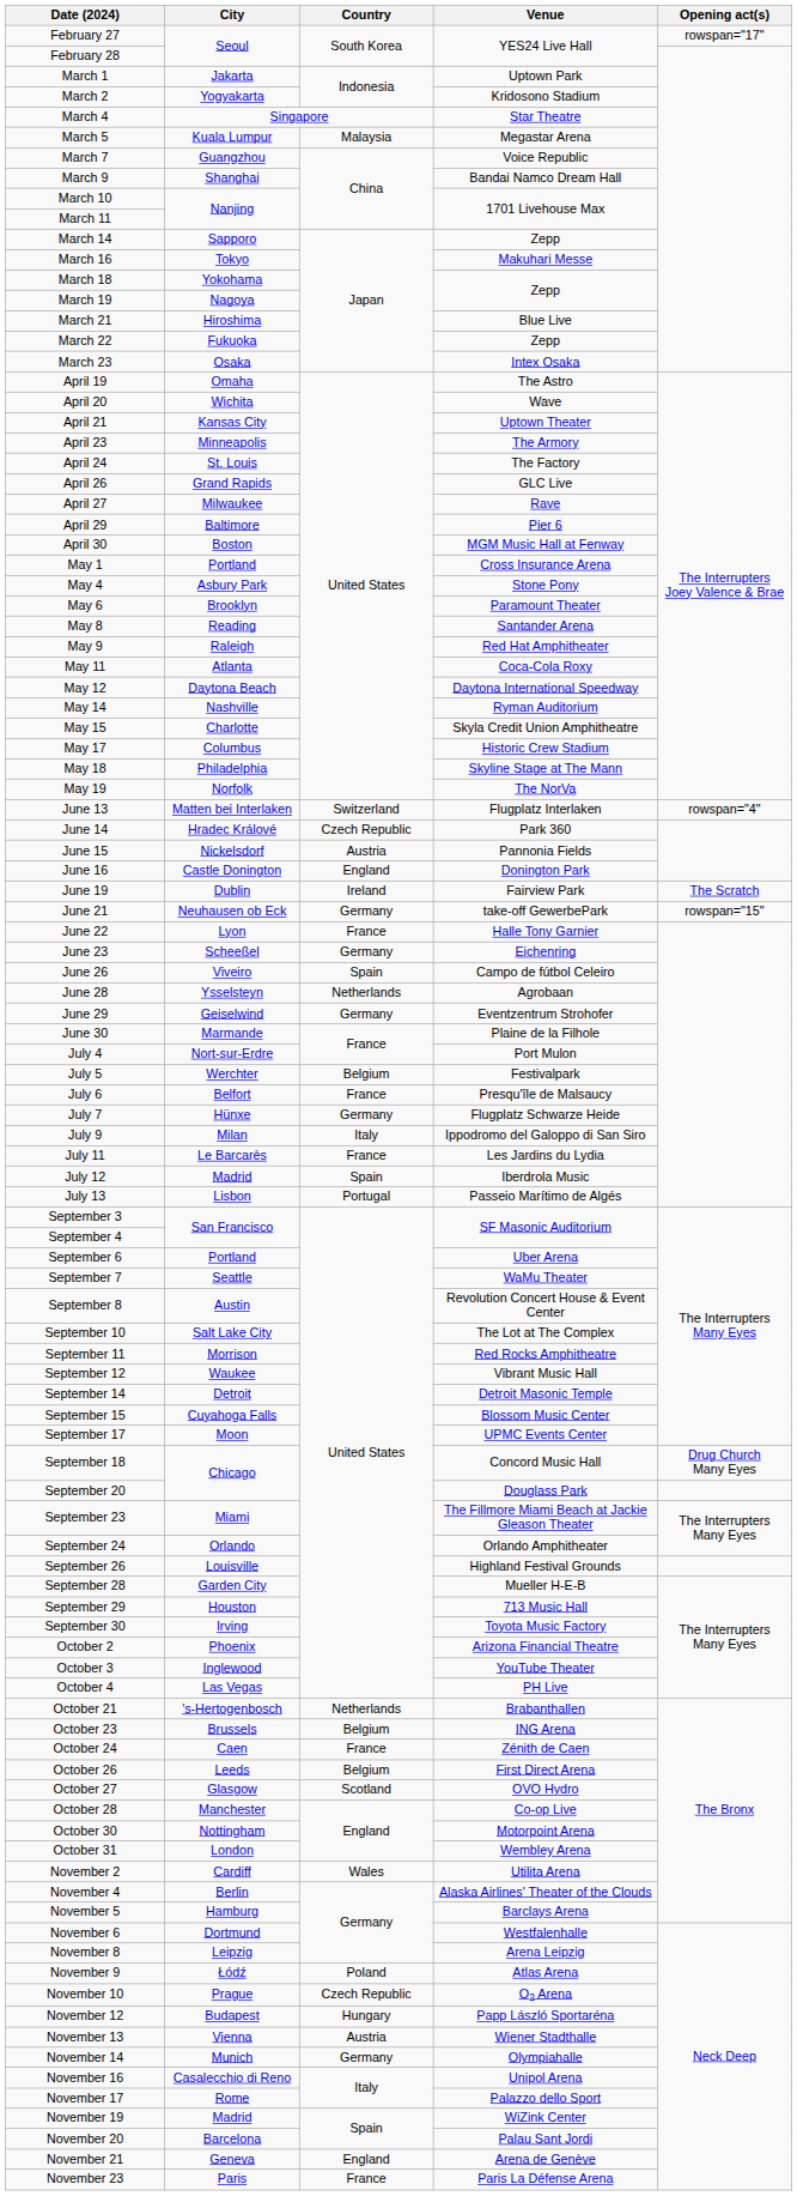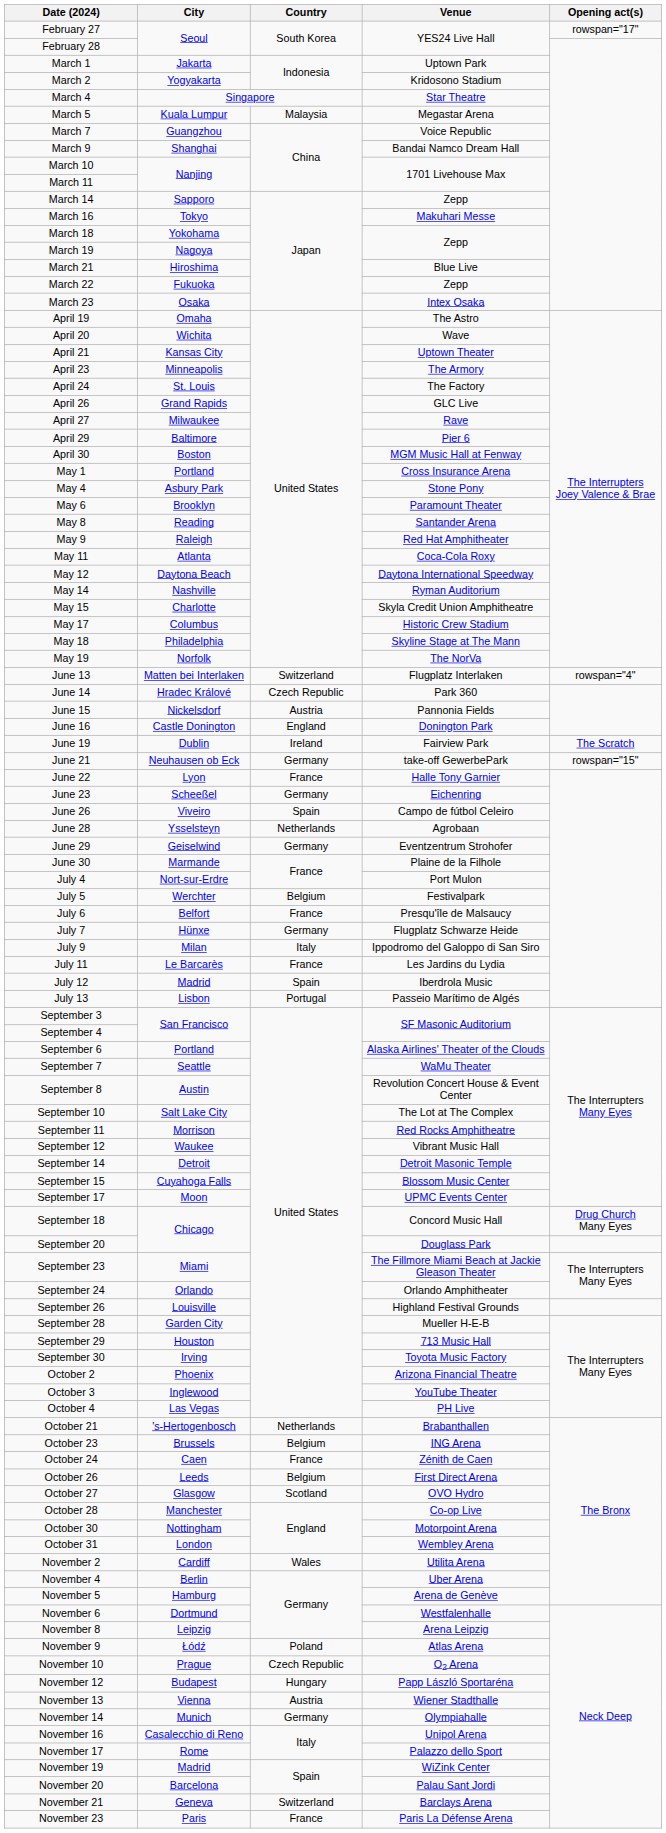 <table class="wikitable plainrowheaders" style="text-align:center;">
 <tr>
 <th scope="col" style="width:12em;">Date (2024)</th>
 <th scope="col" style="width:10em;">City</th>
 <th scope="col" style="width:10em;">Country</th>
 <th scope="col" style="width:17em;">Venue</th>
 <th scope="col" style="width:10em;">Opening act(s)</th>
 </tr>
 <tr>
 <td>February 27</td>
 <td rowspan="2"><a href='#'>Seoul</a></td>
 <td rowspan="2">South Korea</td>
 <td rowspan="2">YES24 Live Hall</td>
 <td>rowspan="17" </td>
 </tr>
 <tr>
 <td>February 28</td>
 </tr>
 <tr>
 <td>March 1</td>
 <td><a href='#'>Jakarta</a></td>
 <td rowspan="2">Indonesia</td>
 <td>Uptown Park</td>
 </tr>
 <tr>
 <td>March 2</td>
 <td><a href='#'>Yogyakarta</a></td>
 <td>Kridosono Stadium</td>
 </tr>
 <tr>
 <td>March 4</td>
 <td colspan="2"><a href='#'>Singapore</a></td>
 <td><a href='#'>Star Theatre</a></td>
 </tr>
 <tr>
 <td>March 5</td>
 <td><a href='#'>Kuala Lumpur</a></td>
 <td>Malaysia</td>
 <td>Megastar Arena</td>
 </tr>
 <tr>
 <td>March 7</td>
 <td><a href='#'>Guangzhou</a></td>
 <td rowspan="4">China</td>
 <td>Voice Republic</td>
 </tr>
 <tr>
 <td>March 9</td>
 <td><a href='#'>Shanghai</a></td>
 <td>Bandai Namco Dream Hall</td>
 </tr>
 <tr>
 <td>March 10</td>
 <td rowspan="2"><a href='#'>Nanjing</a></td>
 <td rowspan="2">1701 Livehouse Max</td>
 </tr>
 <tr>
 <td>March 11</td>
 </tr>
 <tr>
 <td>March 14</td>
 <td><a href='#'>Sapporo</a></td>
 <td rowspan="7">Japan</td>
 <td>Zepp</td>
 </tr>
 <tr>
 <td>March 16</td>
 <td><a href='#'>Tokyo</a></td>
 <td><a href='#'>Makuhari Messe</a></td>
 </tr>
 <tr>
 <td>March 18</td>
 <td><a href='#'>Yokohama</a></td>
 <td rowspan="2">Zepp</td>
 </tr>
 <tr>
 <td>March 19</td>
 <td><a href='#'>Nagoya</a></td>
 </tr>
 <tr>
 <td>March 21</td>
 <td><a href='#'>Hiroshima</a></td>
 <td>Blue Live</td>
 </tr>
 <tr>
 <td>March 22</td>
 <td><a href='#'>Fukuoka</a></td>
 <td>Zepp</td>
 </tr>
 <tr>
 <td>March 23</td>
 <td><a href='#'>Osaka</a></td>
 <td><a href='#'>Intex Osaka</a></td>
 </tr>
 <tr>
 <td>April 19</td>
 <td><a href='#'>Omaha</a></td>
 <td rowspan="21">United States</td>
 <td>The Astro</td>
 <td rowspan="21"><a href='#'>The Interrupters</a><br><a href='#'>Joey Valence & Brae</a></td>
 </tr>
 <tr>
 <td>April 20</td>
 <td><a href='#'>Wichita</a></td>
 <td>Wave</td>
 </tr>
 <tr>
 <td>April 21</td>
 <td><a href='#'>Kansas City</a></td>
 <td><a href='#'>Uptown Theater</a></td>
 </tr>
 <tr>
 <td>April 23</td>
 <td><a href='#'>Minneapolis</a></td>
 <td><a href='#'>The Armory</a></td>
 </tr>
 <tr>
 <td>April 24</td>
 <td><a href='#'>St. Louis</a></td>
 <td>The Factory</td>
 </tr>
 <tr>
 <td>April 26</td>
 <td><a href='#'>Grand Rapids</a></td>
 <td>GLC Live</td>
 </tr>
 <tr>
 <td>April 27</td>
 <td><a href='#'>Milwaukee</a></td>
 <td><a href='#'>Rave</a></td>
 </tr>
 <tr>
 <td>April 29</td>
 <td><a href='#'>Baltimore</a></td>
 <td><a href='#'>Pier 6</a></td>
 </tr>
 <tr>
 <td>April 30</td>
 <td><a href='#'>Boston</a></td>
 <td><a href='#'>MGM Music Hall at Fenway</a></td>
 </tr>
 <tr>
 <td>May 1</td>
 <td><a href='#'>Portland</a></td>
 <td><a href='#'>Cross Insurance Arena</a></td>
 </tr>
 <tr>
 <td>May 4</td>
 <td><a href='#'>Asbury Park</a></td>
 <td><a href='#'>Stone Pony</a></td>
 </tr>
 <tr>
 <td>May 6</td>
 <td><a href='#'>Brooklyn</a></td>
 <td><a href='#'>Paramount Theater</a></td>
 </tr>
 <tr>
 <td>May 8</td>
 <td><a href='#'>Reading</a></td>
 <td><a href='#'>Santander Arena</a></td>
 </tr>
 <tr>
 <td>May 9</td>
 <td><a href='#'>Raleigh</a></td>
 <td><a href='#'>Red Hat Amphitheater</a></td>
 </tr>
 <tr>
 <td>May 11</td>
 <td><a href='#'>Atlanta</a></td>
 <td><a href='#'>Coca-Cola Roxy</a></td>
 </tr>
 <tr>
 <td>May 12</td>
 <td><a href='#'>Daytona Beach</a></td>
 <td><a href='#'>Daytona International Speedway</a></td>
 </tr>
 <tr>
 <td>May 14</td>
 <td><a href='#'>Nashville</a></td>
 <td><a href='#'>Ryman Auditorium</a></td>
 </tr>
 <tr>
 <td>May 15</td>
 <td><a href='#'>Charlotte</a></td>
 <td>Skyla Credit Union Amphitheatre</td>
 </tr>
 <tr>
 <td>May 17</td>
 <td><a href='#'>Columbus</a></td>
 <td><a href='#'>Historic Crew Stadium</a></td>
 </tr>
 <tr>
 <td>May 18</td>
 <td><a href='#'>Philadelphia</a></td>
 <td><a href='#'>Skyline Stage at The Mann</a></td>
 </tr>
 <tr>
 <td>May 19</td>
 <td><a href='#'>Norfolk</a></td>
 <td><a href='#'>The NorVa</a></td>
 </tr>
 <tr>
 <td>June 13</td>
 <td><a href='#'>Matten bei Interlaken</a></td>
 <td>Switzerland</td>
 <td>Flugplatz Interlaken</td>
 <td>rowspan="4" </td>
 </tr>
 <tr>
 <td>June 14</td>
 <td><a href='#'>Hradec Králové</a></td>
 <td>Czech Republic</td>
 <td>Park 360</td>
 </tr>
 <tr>
 <td>June 15</td>
 <td><a href='#'>Nickelsdorf</a></td>
 <td>Austria</td>
 <td>Pannonia Fields</td>
 </tr>
 <tr>
 <td>June 16</td>
 <td><a href='#'>Castle Donington</a></td>
 <td>England</td>
 <td><a href='#'>Donington Park</a></td>
 </tr>
 <tr>
 <td>June 19</td>
 <td><a href='#'>Dublin</a></td>
 <td>Ireland</td>
 <td>Fairview Park</td>
 <td><a href='#'>The Scratch</a></td>
 </tr>
 <tr>
 <td>June 21</td>
 <td><a href='#'>Neuhausen ob Eck</a></td>
 <td>Germany</td>
 <td>take-off GewerbePark</td>
 <td>rowspan="15" </td>
 </tr>
 <tr>
 <td>June 22</td>
 <td><a href='#'>Lyon</a></td>
 <td>France</td>
 <td><a href='#'>Halle Tony Garnier</a></td>
 </tr>
 <tr>
 <td>June 23</td>
 <td><a href='#'>Scheeßel</a></td>
 <td>Germany</td>
 <td><a href='#'>Eichenring</a></td>
 </tr>
 <tr>
 <td>June 26</td>
 <td><a href='#'>Viveiro</a></td>
 <td>Spain</td>
 <td>Campo de fútbol Celeiro</td>
 </tr>
 <tr>
 <td>June 28</td>
 <td><a href='#'>Ysselsteyn</a></td>
 <td>Netherlands</td>
 <td>Agrobaan</td>
 </tr>
 <tr>
 <td>June 29</td>
 <td><a href='#'>Geiselwind</a></td>
 <td>Germany</td>
 <td>Eventzentrum Strohofer</td>
 </tr>
 <tr>
 <td>June 30</td>
 <td><a href='#'>Marmande</a></td>
 <td rowspan="2">France</td>
 <td>Plaine de la Filhole</td>
 </tr>
 <tr>
 <td>July 4</td>
 <td><a href='#'>Nort-sur-Erdre</a></td>
 <td>Port Mulon</td>
 </tr>
 <tr>
 <td>July 5</td>
 <td><a href='#'>Werchter</a></td>
 <td>Belgium</td>
 <td>Festivalpark</td>
 </tr>
 <tr>
 <td>July 6</td>
 <td><a href='#'>Belfort</a></td>
 <td>France</td>
 <td>Presqu'île de Malsaucy</td>
 </tr>
 <tr>
 <td>July 7</td>
 <td><a href='#'>Hünxe</a></td>
 <td>Germany</td>
 <td>Flugplatz Schwarze Heide</td>
 </tr>
 <tr>
 <td>July 9</td>
 <td><a href='#'>Milan</a></td>
 <td>Italy</td>
 <td>Ippodromo del Galoppo di San Siro</td>
 </tr>
 <tr>
 <td>July 11</td>
 <td><a href='#'>Le Barcarès</a></td>
 <td>France</td>
 <td>Les Jardins du Lydia</td>
 </tr>
 <tr>
 <td>July 12</td>
 <td><a href='#'>Madrid</a></td>
 <td>Spain</td>
 <td>Iberdrola Music</td>
 </tr>
 <tr>
 <td>July 13</td>
 <td><a href='#'>Lisbon</a></td>
 <td>Portugal</td>
 <td>Passeio Marítimo de Algés</td>
 </tr>
 <tr>
 <td>September 3</td>
 <td rowspan="2"><a href='#'>San Francisco</a></td>
 <td rowspan="22">United States</td>
 <td rowspan="2"><a href='#'>SF Masonic Auditorium</a></td>
 <td rowspan="11">The Interrupters<br><a href='#'>Many Eyes</a></td>
 </tr>
 <tr>
 <td>September 4</td>
 </tr>
 <tr>
 <td>September 6</td>
 <td><a href='#'>Portland</a></td>
-<td><a href='#'>Uber Arena</a></td>
+<td><a href='#'>Alaska Airlines' Theater of the Clouds</a></td>
 </tr>
 <tr>
 <td>September 7</td>
 <td><a href='#'>Seattle</a></td>
 <td><a href='#'>WaMu Theater</a></td>
 </tr>
 <tr>
 <td>September 8</td>
 <td><a href='#'>Austin</a></td>
 <td>Revolution Concert House & Event Center</td>
 </tr>
 <tr>
 <td>September 10</td>
 <td><a href='#'>Salt Lake City</a></td>
 <td>The Lot at The Complex</td>
 </tr>
 <tr>
 <td>September 11</td>
 <td><a href='#'>Morrison</a></td>
 <td><a href='#'>Red Rocks Amphitheatre</a></td>
 </tr>
 <tr>
 <td>September 12</td>
 <td><a href='#'>Waukee</a></td>
 <td>Vibrant Music Hall</td>
 </tr>
 <tr>
 <td>September 14</td>
 <td><a href='#'>Detroit</a></td>
 <td><a href='#'>Detroit Masonic Temple</a></td>
 </tr>
 <tr>
 <td>September 15</td>
 <td><a href='#'>Cuyahoga Falls</a></td>
 <td><a href='#'>Blossom Music Center</a></td>
 </tr>
 <tr>
 <td>September 17</td>
 <td><a href='#'>Moon</a></td>
 <td><a href='#'>UPMC Events Center</a></td>
 </tr>
 <tr>
 <td>September 18</td>
 <td rowspan="2"><a href='#'>Chicago</a></td>
 <td>Concord Music Hall</td>
 <td><a href='#'>Drug Church</a><br>Many Eyes</td>
 </tr>
 <tr>
 <td>September 20</td>
 <td><a href='#'>Douglass Park</a></td>
 <td></td>
 </tr>
 <tr>
 <td>September 23</td>
 <td><a href='#'>Miami</a></td>
 <td><a href='#'>The Fillmore Miami Beach at Jackie Gleason Theater</a></td>
 <td rowspan="2">The Interrupters<br>Many Eyes</td>
 </tr>
 <tr>
 <td>September 24</td>
 <td><a href='#'>Orlando</a></td>
 <td>Orlando Amphitheater</td>
 </tr>
 <tr>
 <td>September 26</td>
 <td><a href='#'>Louisville</a></td>
 <td>Highland Festival Grounds</td>
 <td></td>
 </tr>
 <tr>
 <td>September 28</td>
 <td><a href='#'>Garden City</a></td>
 <td>Mueller H-E-B</td>
 <td rowspan="6">The Interrupters<br>Many Eyes</td>
 </tr>
 <tr>
 <td>September 29</td>
 <td><a href='#'>Houston</a></td>
 <td><a href='#'>713 Music Hall</a></td>
 </tr>
 <tr>
 <td>September 30</td>
 <td><a href='#'>Irving</a></td>
 <td><a href='#'>Toyota Music Factory</a></td>
 </tr>
 <tr>
 <td>October 2</td>
 <td><a href='#'>Phoenix</a></td>
 <td><a href='#'>Arizona Financial Theatre</a></td>
 </tr>
 <tr>
 <td>October 3</td>
 <td><a href='#'>Inglewood</a></td>
 <td><a href='#'>YouTube Theater</a></td>
 </tr>
 <tr>
 <td>October 4</td>
 <td><a href='#'>Las Vegas</a></td>
 <td><a href='#'>PH Live</a></td>
 </tr>
 <tr>
 <td>October 21</td>
 <td><a href='#'>'s-Hertogenbosch</a></td>
 <td>Netherlands</td>
 <td><a href='#'>Brabanthallen</a></td>
 <td rowspan="11"><a href='#'>The Bronx</a></td>
 </tr>
 <tr>
 <td>October 23</td>
 <td><a href='#'>Brussels</a></td>
 <td>Belgium</td>
 <td><a href='#'>ING Arena</a></td>
 </tr>
 <tr>
 <td>October 24</td>
 <td><a href='#'>Caen</a></td>
 <td>France</td>
 <td><a href='#'>Zénith de Caen</a></td>
 </tr>
 <tr>
 <td>October 26</td>
 <td><a href='#'>Leeds</a></td>
 <td>Belgium</td>
 <td><a href='#'>First Direct Arena</a></td>
 </tr>
 <tr>
 <td>October 27</td>
 <td><a href='#'>Glasgow</a></td>
 <td>Scotland</td>
 <td><a href='#'>OVO Hydro</a></td>
 </tr>
 <tr>
 <td>October 28</td>
 <td><a href='#'>Manchester</a></td>
 <td rowspan="3">England</td>
 <td><a href='#'>Co-op Live</a></td>
 </tr>
 <tr>
 <td>October 30</td>
 <td><a href='#'>Nottingham</a></td>
 <td><a href='#'>Motorpoint Arena</a></td>
 </tr>
 <tr>
 <td>October 31</td>
 <td><a href='#'>London</a></td>
 <td><a href='#'>Wembley Arena</a></td>
 </tr>
 <tr>
 <td>November 2</td>
 <td><a href='#'>Cardiff</a></td>
 <td>Wales</td>
 <td><a href='#'>Utilita Arena</a></td>
 </tr>
 <tr>
 <td>November 4</td>
 <td><a href='#'>Berlin</a></td>
 <td rowspan="4">Germany</td>
-<td><a href='#'>Alaska Airlines' Theater of the Clouds</a></td>
+<td><a href='#'>Uber Arena</a></td>
 </tr>
 <tr>
 <td>November 5</td>
 <td><a href='#'>Hamburg</a></td>
-<td><a href='#'>Barclays Arena</a></td>
+<td><a href='#'>Arena de Genève</a></td>
 </tr>
 <tr>
 <td>November 6</td>
 <td><a href='#'>Dortmund</a></td>
 <td><a href='#'>Westfalenhalle</a></td>
 <td rowspan="13"><a href='#'>Neck Deep</a></td>
 </tr>
 <tr>
 <td>November 8</td>
 <td><a href='#'>Leipzig</a></td>
 <td><a href='#'>Arena Leipzig</a></td>
 </tr>
 <tr>
 <td>November 9</td>
 <td><a href='#'>Łódź</a></td>
 <td>Poland</td>
 <td><a href='#'>Atlas Arena</a></td>
 </tr>
 <tr>
 <td>November 10</td>
 <td><a href='#'>Prague</a></td>
 <td>Czech Republic</td>
 <td><a href='#'>O<sub>2</sub> Arena</a></td>
 </tr>
 <tr>
 <td>November 12</td>
 <td><a href='#'>Budapest</a></td>
 <td>Hungary</td>
 <td><a href='#'>Papp László Sportaréna</a></td>
 </tr>
 <tr>
 <td>November 13</td>
 <td><a href='#'>Vienna</a></td>
 <td>Austria</td>
 <td><a href='#'>Wiener Stadthalle</a></td>
 </tr>
 <tr>
 <td>November 14</td>
 <td><a href='#'>Munich</a></td>
 <td>Germany</td>
 <td><a href='#'>Olympiahalle</a></td>
 </tr>
 <tr>
 <td>November 16</td>
 <td><a href='#'>Casalecchio di Reno</a></td>
 <td rowspan="2">Italy</td>
 <td><a href='#'>Unipol Arena</a></td>
 </tr>
 <tr>
 <td>November 17</td>
 <td><a href='#'>Rome</a></td>
 <td><a href='#'>Palazzo dello Sport</a></td>
 </tr>
 <tr>
 <td>November 19</td>
 <td><a href='#'>Madrid</a></td>
 <td rowspan="2">Spain</td>
 <td><a href='#'>WiZink Center</a></td>
 </tr>
 <tr>
 <td>November 20</td>
 <td><a href='#'>Barcelona</a></td>
 <td><a href='#'>Palau Sant Jordi</a></td>
 </tr>
 <tr>
 <td>November 21</td>
 <td><a href='#'>Geneva</a></td>
-<td>England</td>
-<td><a href='#'>Arena de Genève</a></td>
+<td>Switzerland</td>
+<td><a href='#'>Barclays Arena</a></td>
 </tr>
 <tr>
 <td>November 23</td>
 <td><a href='#'>Paris</a></td>
 <td>France</td>
 <td><a href='#'>Paris La Défense Arena</a></td>
 </tr>
 </table>
